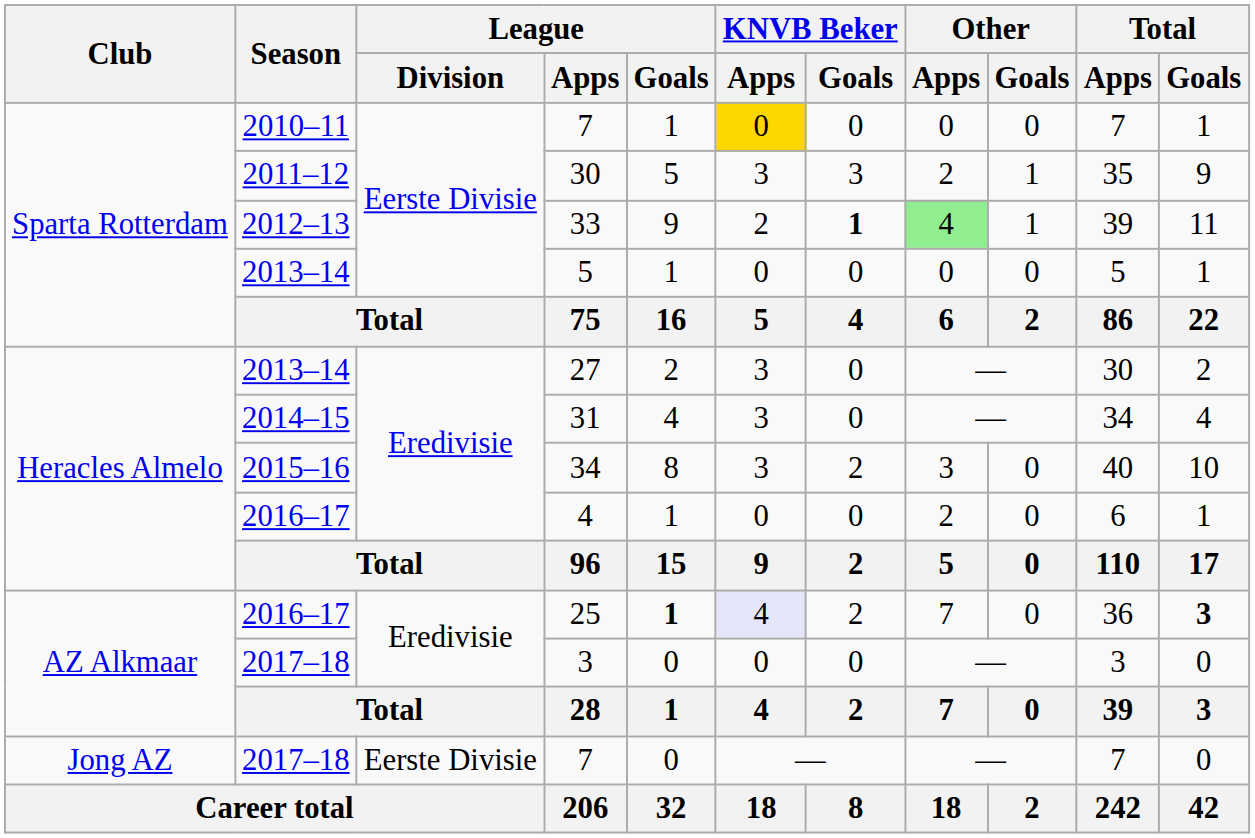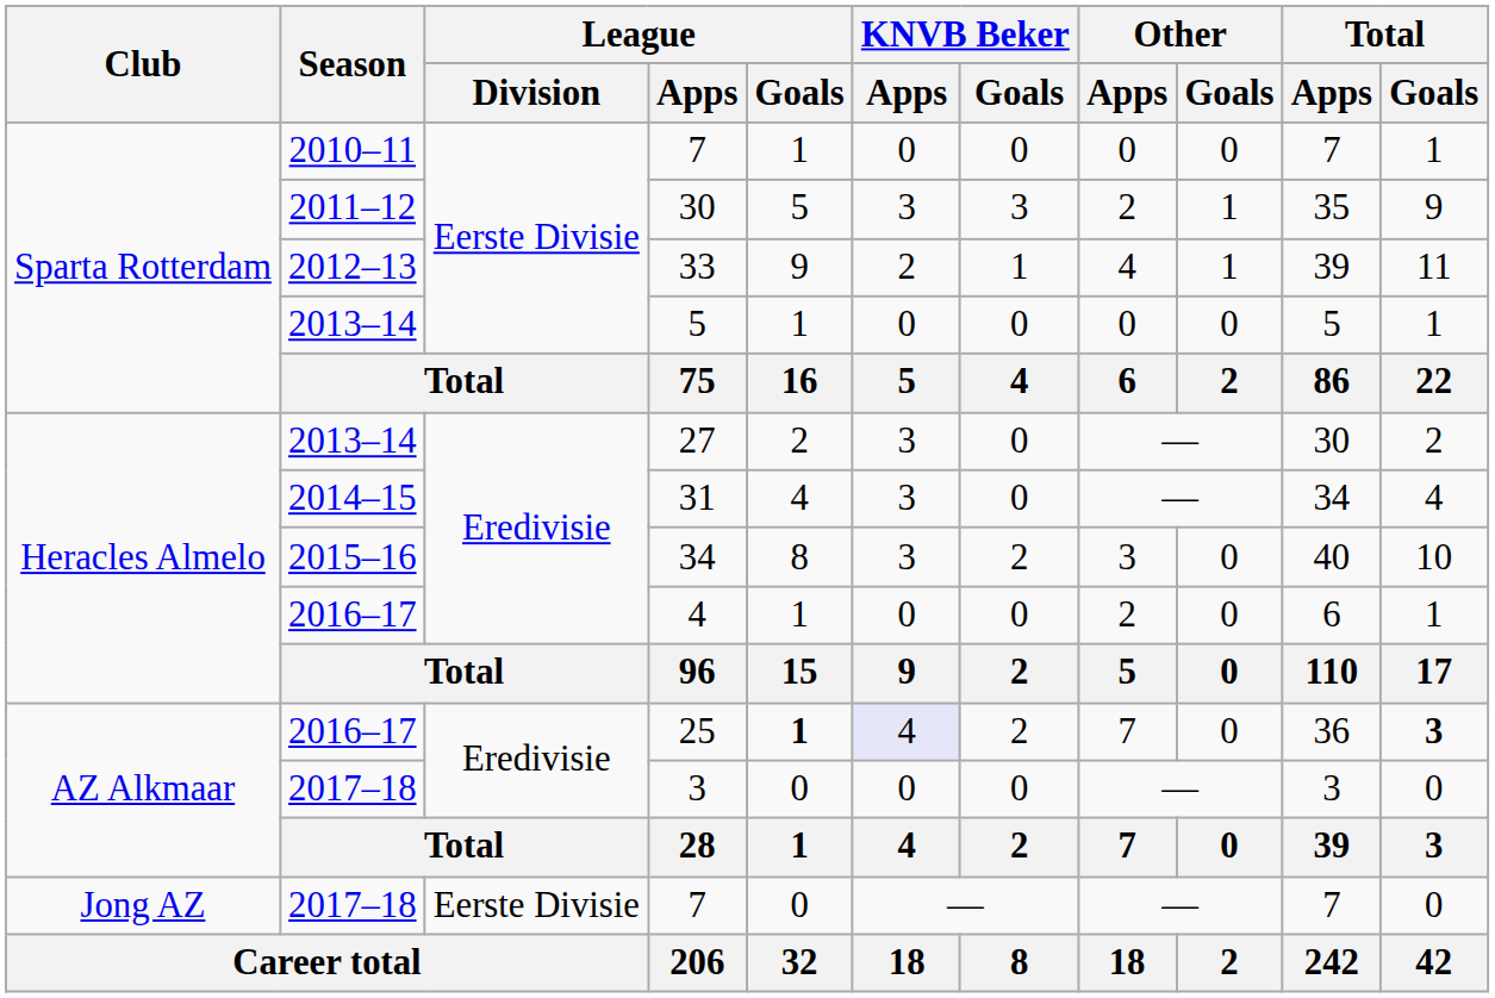 <table class="wikitable" style="text-align:center">
 <tr>
 <th rowspan="2">Club</th>
 <th rowspan="2">Season</th>
 <th colspan="3">League</th>
 <th colspan="2"><a href='#'>KNVB Beker</a></th>
 <th colspan="2">Other</th>
 <th colspan="2">Total</th>
 </tr>
 <tr>
 <th>Division</th>
 <th>Apps</th>
 <th>Goals</th>
 <th>Apps</th>
 <th>Goals</th>
 <th>Apps</th>
 <th>Goals</th>
 <th>Apps</th>
 <th>Goals</th>
 </tr>
 <tr>
 <td rowspan="5"><a href='#'>Sparta Rotterdam</a></td>
 <td><a href='#'>2010–11</a></td>
 <td rowspan="4"><a href='#'>Eerste Divisie</a></td>
 <td>7</td>
 <td>1</td>
-<td style="background: gold;">0</td>
+<td>0</td>
 <td>0</td>
 <td>0</td>
 <td>0</td>
 <td>7</td>
 <td>1</td>
 </tr>
 <tr>
 <td><a href='#'>2011–12</a></td>
 <td>30</td>
 <td>5</td>
 <td>3</td>
 <td>3</td>
 <td>2</td>
 <td>1</td>
 <td>35</td>
 <td>9</td>
 </tr>
 <tr>
 <td><a href='#'>2012–13</a></td>
 <td>33</td>
 <td>9</td>
 <td>2</td>
-<td><strong>1</strong></td>
-<td style="background: lightgreen;">4</td>
+<td>1</td>
+<td>4</td>
 <td>1</td>
 <td>39</td>
 <td>11</td>
 </tr>
 <tr>
 <td><a href='#'>2013–14</a></td>
 <td>5</td>
 <td>1</td>
 <td>0</td>
 <td>0</td>
 <td>0</td>
 <td>0</td>
 <td>5</td>
 <td>1</td>
 </tr>
 <tr>
 <th colspan="2">Total</th>
 <th>75</th>
 <th>16</th>
 <th>5</th>
 <th>4</th>
 <th>6</th>
 <th>2</th>
 <th>86</th>
 <th>22</th>
 </tr>
 <tr>
 <td rowspan="5"><a href='#'>Heracles Almelo</a></td>
 <td><a href='#'>2013–14</a></td>
 <td rowspan="4"><a href='#'>Eredivisie</a></td>
 <td>27</td>
 <td>2</td>
 <td>3</td>
 <td>0</td>
 <td colspan="2">—</td>
 <td>30</td>
 <td>2</td>
 </tr>
 <tr>
 <td><a href='#'>2014–15</a></td>
 <td>31</td>
 <td>4</td>
 <td>3</td>
 <td>0</td>
 <td colspan="2">—</td>
 <td>34</td>
 <td>4</td>
 </tr>
 <tr>
 <td><a href='#'>2015–16</a></td>
 <td>34</td>
 <td>8</td>
 <td>3</td>
 <td>2</td>
 <td>3</td>
 <td>0</td>
 <td>40</td>
 <td>10</td>
 </tr>
 <tr>
 <td><a href='#'>2016–17</a></td>
 <td>4</td>
 <td>1</td>
 <td>0</td>
 <td>0</td>
 <td>2</td>
 <td>0</td>
 <td>6</td>
 <td>1</td>
 </tr>
 <tr>
 <th colspan="2">Total</th>
 <th>96</th>
 <th>15</th>
 <th>9</th>
 <th>2</th>
 <th>5</th>
 <th>0</th>
 <th>110</th>
 <th>17</th>
 </tr>
 <tr>
 <td rowspan="3"><a href='#'>AZ Alkmaar</a></td>
 <td><a href='#'>2016–17</a></td>
 <td rowspan="2">Eredivisie</td>
 <td>25</td>
 <td><strong>1</strong></td>
 <td style="background: lavender;">4</td>
 <td>2</td>
 <td>7</td>
 <td>0</td>
 <td>36</td>
 <td><strong>3</strong></td>
 </tr>
 <tr>
 <td><a href='#'>2017–18</a></td>
 <td>3</td>
 <td>0</td>
 <td>0</td>
 <td>0</td>
 <td colspan="2">—</td>
 <td>3</td>
 <td>0</td>
 </tr>
 <tr>
 <th colspan="2">Total</th>
 <th>28</th>
 <th>1</th>
 <th>4</th>
 <th>2</th>
 <th>7</th>
 <th>0</th>
 <th>39</th>
 <th>3</th>
 </tr>
 <tr>
 <td><a href='#'>Jong AZ</a></td>
 <td><a href='#'>2017–18</a></td>
 <td>Eerste Divisie</td>
 <td>7</td>
 <td>0</td>
 <td colspan="2">—</td>
 <td colspan="2">—</td>
 <td>7</td>
 <td>0</td>
 </tr>
 <tr>
 <th colspan="3">Career total</th>
 <th>206</th>
 <th>32</th>
 <th>18</th>
 <th>8</th>
 <th>18</th>
 <th>2</th>
 <th>242</th>
 <th>42</th>
 </tr>
 </table>
